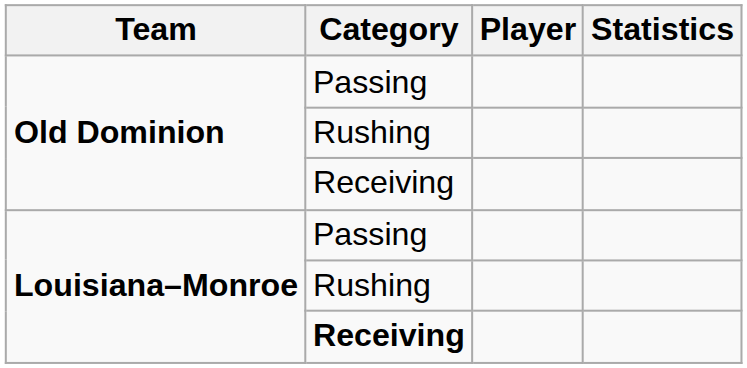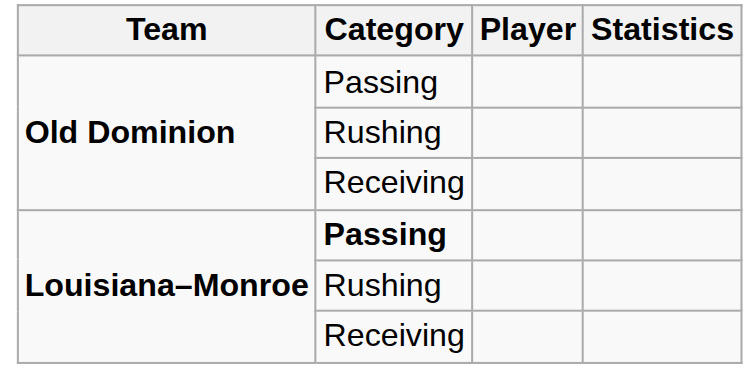 <table class="wikitable" style="float: right;">
 <tr>
 <th>Team</th>
 <th>Category</th>
 <th>Player</th>
 <th>Statistics</th>
 </tr>
 <tr>
 <td rowspan=3><strong>Old Dominion</strong></td>
 <td>Passing</td>
 <td></td>
 <td></td>
 </tr>
 <tr>
 <td>Rushing</td>
 <td></td>
 <td></td>
 </tr>
 <tr>
 <td>Receiving</td>
 <td></td>
 <td></td>
 </tr>
 <tr>
 <td rowspan=3><strong>Louisiana–Monroe</strong></td>
-<td>Passing</td>
+<td><strong>Passing</strong></td>
 <td></td>
 <td></td>
 </tr>
 <tr>
 <td>Rushing</td>
 <td></td>
 <td></td>
 </tr>
 <tr>
-<td><strong>Receiving</strong></td>
+<td>Receiving</td>
 <td></td>
 <td></td>
 </tr>
 </table>
